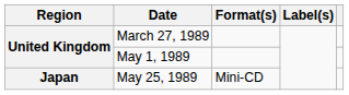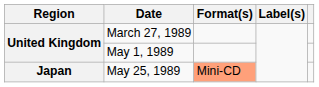 <table class="wikitable plainrowheaders">
 <tr>
 <th scope="col">Region</th>
 <th scope="col">Date</th>
 <th scope="col">Format(s)</th>
 <th scope="col">Label(s)</th>
 <th scope="col"></th>
 </tr>
 <tr>
 <th scope="row" rowspan="2">United Kingdom</th>
 <td>March 27, 1989</td>
 <td></td>
 <td rowspan="3"></td>
 <td></td>
 </tr>
 <tr>
 <td>May 1, 1989</td>
 <td></td>
 <td></td>
 </tr>
 <tr>
 <th scope="row">Japan</th>
 <td>May 25, 1989</td>
-<td>Mini-CD</td>
+<td style="background: lightsalmon;">Mini-CD</td>
 <td></td>
 </tr>
 </table>
